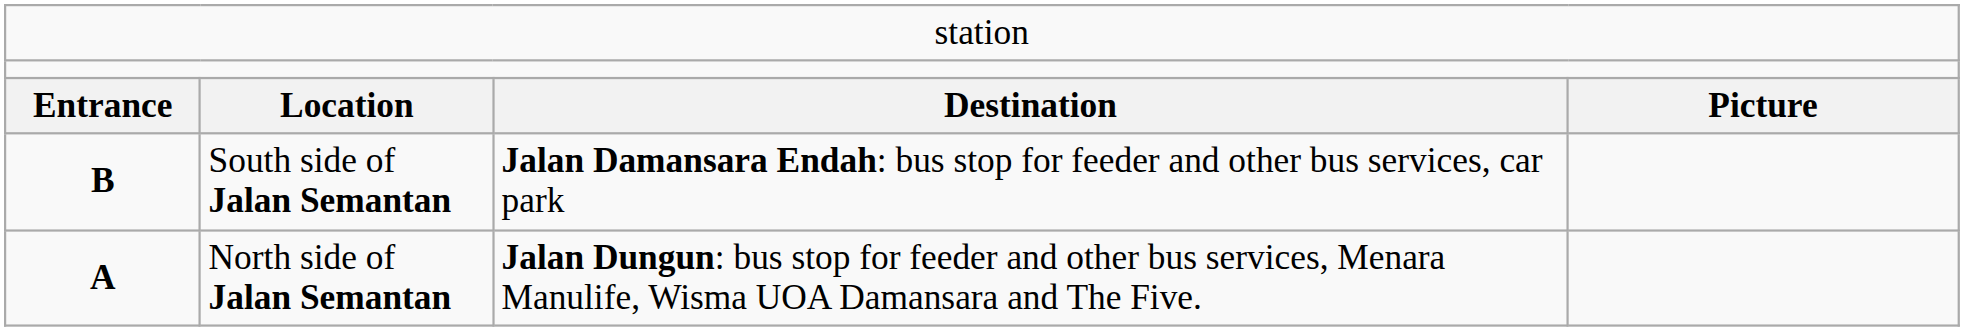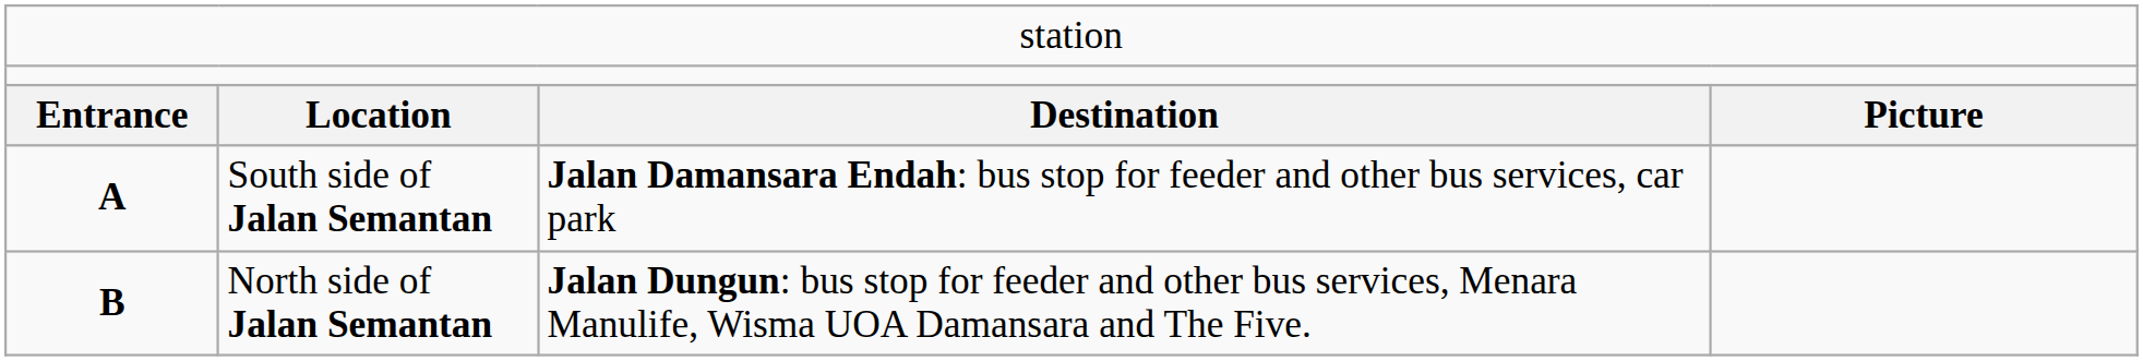 <table class="wikitable" style="width:70%">
 <tr>
 <td colspan="4" align="center"> station</td>
 </tr>
 <tr>
 <td colspan="4"></td>
 </tr>
 <tr>
 <th style="width:10%">Entrance</th>
 <th style="width:15%">Location</th>
 <th style="width:55%">Destination</th>
 <th style="width:20%">Picture</th>
 </tr>
 <tr>
-<td align="center"><strong><span>B</span></strong></td>
+<td align="center"><strong><span>A</span></strong></td>
 <td>South side of <strong>Jalan Semantan</strong></td>
 <td><strong>Jalan Damansara Endah</strong>: bus stop for feeder and other bus services, car park</td>
 <td></td>
 </tr>
 <tr>
-<td align="center"><strong><span>A</span></strong></td>
+<td align="center"><strong><span>B</span></strong></td>
 <td>North side of <strong>Jalan Semantan</strong></td>
 <td><strong>Jalan Dungun</strong>: bus stop for feeder and other bus services, Menara Manulife, Wisma UOA Damansara and The Five.</td>
 <td></td>
 </tr>
 </table>
